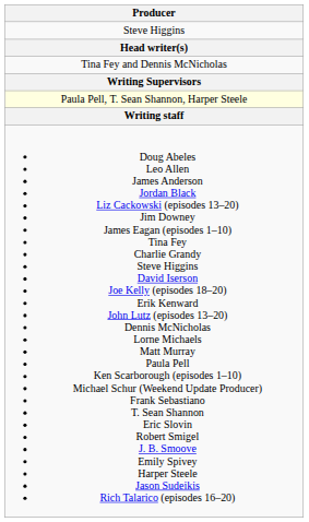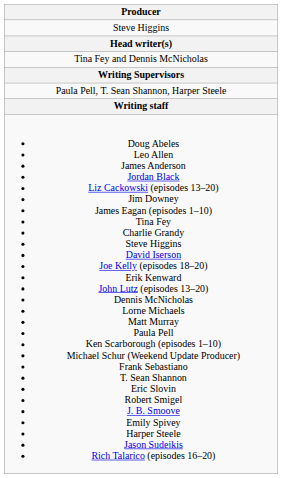 <table class="wikitable plainrowheaders"  style="text-align:center; width:50%;">
 <tr>
 <th><strong>Producer</strong></th>
 </tr>
 <tr>
 <td>Steve Higgins</td>
 </tr>
 <tr>
 <th><strong>Head writer(s)</strong></th>
 </tr>
 <tr>
 <td>Tina Fey and Dennis McNicholas</td>
 </tr>
 <tr>
 <th><strong>Writing Supervisors</strong></th>
 </tr>
 <tr>
-<td style="background: lightyellow;">Paula Pell, T. Sean Shannon, Harper Steele</td>
+<td>Paula Pell, T. Sean Shannon, Harper Steele</td>
 </tr>
 <tr>
 <th><strong>Writing staff</strong></th>
 </tr>
 <tr>
 <td><br><ul><li>Doug Abeles</li><li>Leo Allen</li><li>James Anderson</li><li><a href='#'>Jordan Black</a></li><li><a href='#'>Liz Cackowski</a> (episodes 13–20)</li><li>Jim Downey</li><li>James Eagan (episodes 1–10)</li><li>Tina Fey</li><li>Charlie Grandy</li><li>Steve Higgins</li><li><a href='#'>David Iserson</a></li><li><a href='#'>Joe Kelly</a> (episodes 18–20)</li><li>Erik Kenward</li><li><a href='#'>John Lutz</a> (episodes 13–20)</li><li>Dennis McNicholas</li><li>Lorne Michaels</li><li>Matt Murray</li><li>Paula Pell</li><li>Ken Scarborough (episodes 1–10)</li><li>Michael Schur (Weekend Update Producer)</li><li>Frank Sebastiano</li><li>T. Sean Shannon</li><li>Eric Slovin</li><li>Robert Smigel</li><li><a href='#'>J. B. Smoove</a></li><li>Emily Spivey</li><li>Harper Steele</li><li><a href='#'>Jason Sudeikis</a></li><li><a href='#'>Rich Talarico</a> (episodes 16–20)</li></ul></td>
 </tr>
 </table>
